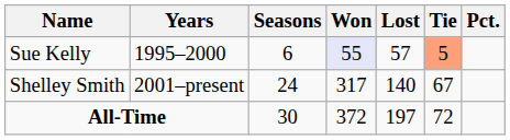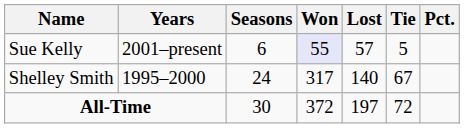 <table class="wikitable sortable" style="text-align:center">
 <tr>
 <th width=px>Name</th>
 <th width=px>Years</th>
 <th width=px>Seasons</th>
 <th width=px>Won</th>
 <th width=px>Lost</th>
 <th width=px>Tie</th>
 <th width=px>Pct.</th>
 </tr>
 <tr>
 <td align=left>Sue Kelly</td>
-<td align=left>1995–2000</td>
+<td align=left>2001–present</td>
 <td>6</td>
 <td style="background: lavender;">55</td>
 <td>57</td>
-<td style="background: lightsalmon;">5</td>
+<td>5</td>
 <td></td>
 </tr>
 <tr>
 <td align=left>Shelley Smith</td>
-<td align=left>2001–present</td>
+<td align=left>1995–2000</td>
 <td>24</td>
 <td>317</td>
 <td>140</td>
 <td>67</td>
 <td></td>
 </tr>
 <tr class="sortbottom">
 <td colspan="2"><strong>All-Time</strong></td>
 <td>30</td>
 <td>372</td>
 <td>197</td>
 <td>72</td>
 <td></td>
 </tr>
 </table>
